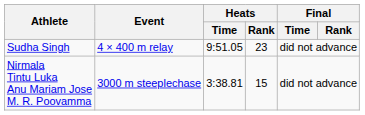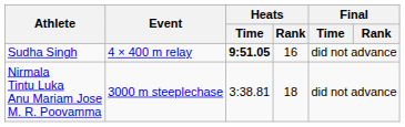 <table class=wikitable style="font-size:90%;">
 <tr>
 <th rowspan=2>Athlete</th>
 <th rowspan=2>Event</th>
 <th colspan=2>Heats</th>
 <th colspan=2>Final</th>
 </tr>
 <tr>
 <th>Time</th>
 <th>Rank</th>
 <th>Time</th>
 <th>Rank</th>
 </tr>
 <tr>
 <td><a href='#'>Sudha Singh</a></td>
 <td><a href='#'>4 × 400 m relay</a></td>
-<td align="center">9:51.05</td>
-<td align="center">23</td>
+<td align="center"><strong>9:51.05</strong></td>
+<td align="center">16</td>
 <td colspan=2>did not advance</td>
 </tr>
 <tr>
 <td><a href='#'>Nirmala</a><br><a href='#'>Tintu Luka</a><br><a href='#'>Anu Mariam Jose</a><br><a href='#'>M. R. Poovamma</a></td>
 <td><a href='#'>3000 m steeplechase</a></td>
 <td align="center">3:38.81</td>
-<td align="center">15</td>
+<td align="center">18</td>
 <td colspan=2>did not advance</td>
 </tr>
 </table>
